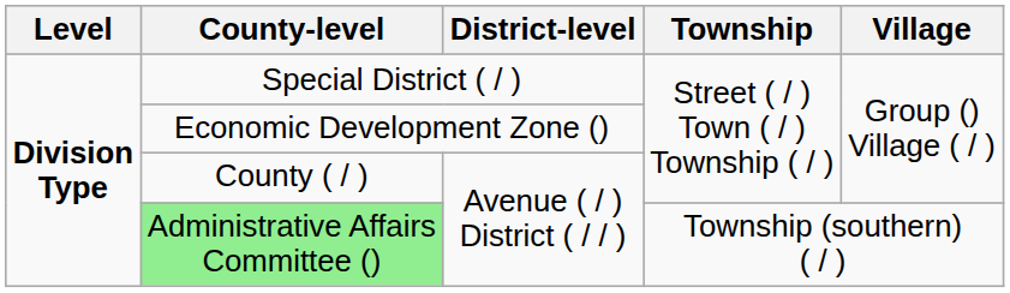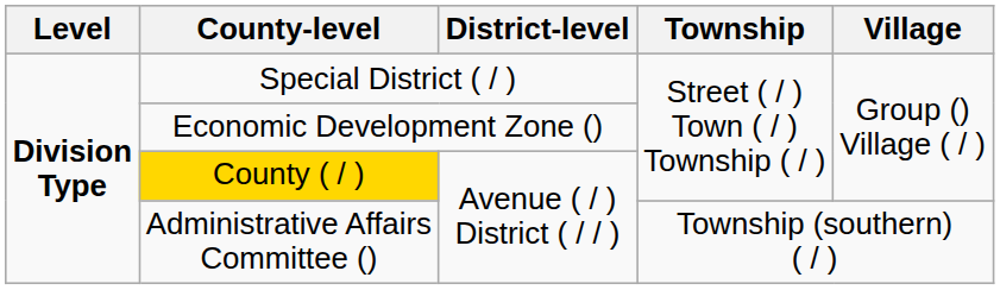 <table class="wikitable" style="text-align:center;">
 <tr>
 <th>Level</th>
 <th>County-level</th>
 <th>District-level</th>
 <th>Township</th>
 <th>Village</th>
 </tr>
 <tr>
 <td rowspan="4"><strong>Division <br>Type</strong></td>
 <td colspan="2">Special District ( / )</td>
 <td rowspan="3">Street ( / )<br>Town ( / )<br>Township ( / )</td>
 <td rowspan="3">Group ()<br>Village ( / )</td>
 </tr>
 <tr>
 <td colspan="2">Economic Development Zone ()</td>
 </tr>
 <tr>
-<td>County ( / )</td>
+<td style="background: gold;">County ( / )</td>
 <td rowspan="2">Avenue ( / )<br>District ( /  / )</td>
 </tr>
 <tr>
-<td style="background: lightgreen;">Administrative Affairs<br>Committee ()</td>
+<td>Administrative Affairs<br>Committee ()</td>
 <td colspan="2">Township (southern)<br>( / )</td>
 </tr>
 </table>
